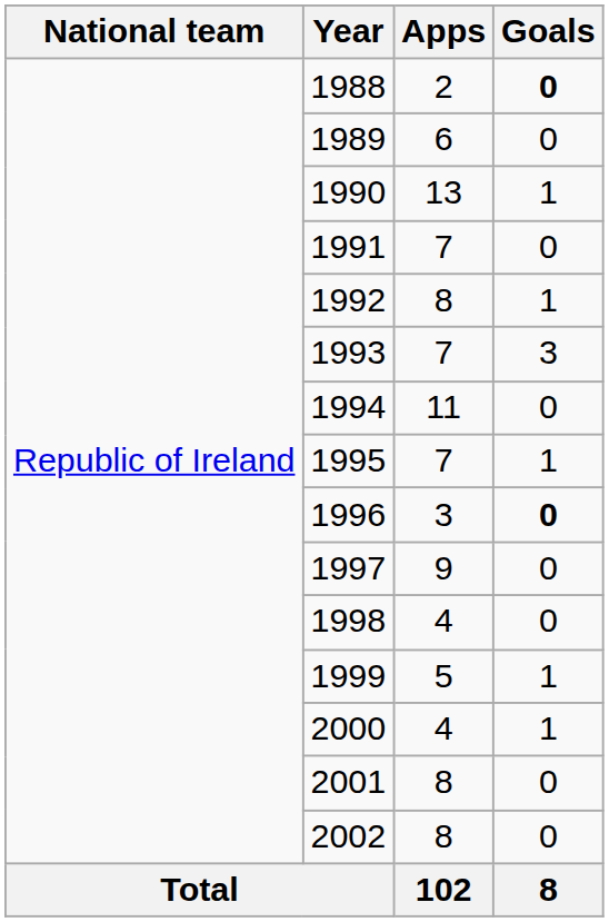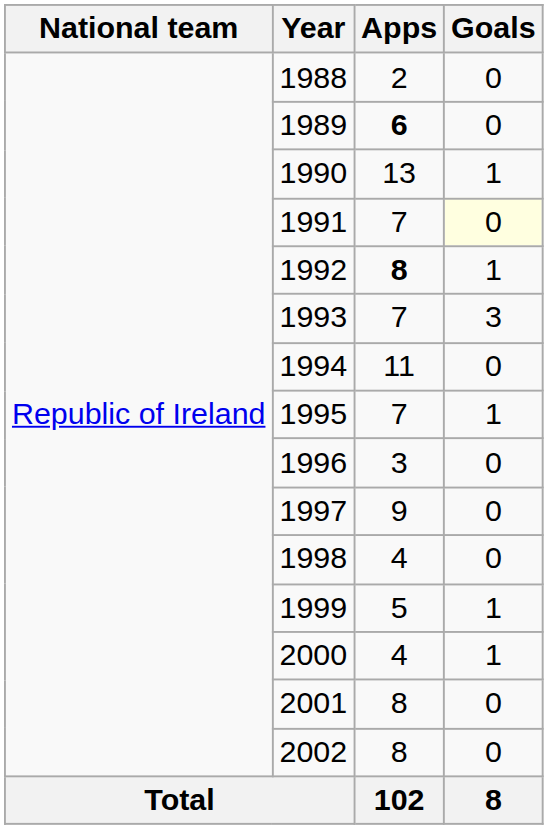 <table class="wikitable" style="text-align:center">
 <tr>
 <th>National team</th>
 <th>Year</th>
 <th>Apps</th>
 <th>Goals</th>
 </tr>
 <tr>
 <td rowspan="15"><a href='#'>Republic of Ireland</a></td>
 <td>1988</td>
 <td>2</td>
-<td><strong>0</strong></td>
+<td>0</td>
 </tr>
 <tr>
 <td>1989</td>
-<td>6</td>
+<td><strong>6</strong></td>
 <td>0</td>
 </tr>
 <tr>
 <td>1990</td>
 <td>13</td>
 <td>1</td>
 </tr>
 <tr>
 <td>1991</td>
 <td>7</td>
-<td>0</td>
+<td style="background: lightyellow;">0</td>
 </tr>
 <tr>
 <td>1992</td>
-<td>8</td>
+<td><strong>8</strong></td>
 <td>1</td>
 </tr>
 <tr>
 <td>1993</td>
 <td>7</td>
 <td>3</td>
 </tr>
 <tr>
 <td>1994</td>
 <td>11</td>
 <td>0</td>
 </tr>
 <tr>
 <td>1995</td>
 <td>7</td>
 <td>1</td>
 </tr>
 <tr>
 <td>1996</td>
 <td>3</td>
-<td><strong>0</strong></td>
+<td>0</td>
 </tr>
 <tr>
 <td>1997</td>
 <td>9</td>
 <td>0</td>
 </tr>
 <tr>
 <td>1998</td>
 <td>4</td>
 <td>0</td>
 </tr>
 <tr>
 <td>1999</td>
 <td>5</td>
 <td>1</td>
 </tr>
 <tr>
 <td>2000</td>
 <td>4</td>
 <td>1</td>
 </tr>
 <tr>
 <td>2001</td>
 <td>8</td>
 <td>0</td>
 </tr>
 <tr>
 <td>2002</td>
 <td>8</td>
 <td>0</td>
 </tr>
 <tr>
 <th colspan="2">Total</th>
 <th>102</th>
 <th>8</th>
 </tr>
 </table>
